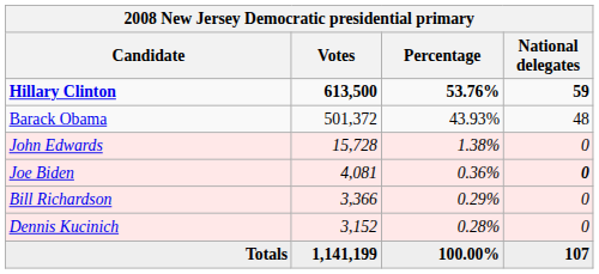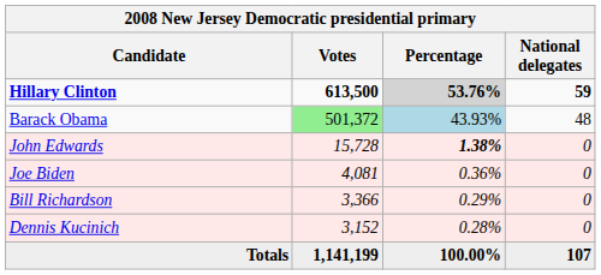 <table class="wikitable" style="font-size:95%; text-align:right;">
 <tr>
 <th colspan="4">2008 New Jersey Democratic presidential primary</th>
 </tr>
 <tr>
 <th style="width: 17em">Candidate</th>
 <th style="width: 5em">Votes</th>
 <th style="width: 7em">Percentage</th>
 <th style="width: 5em">National delegates</th>
 </tr>
 <tr>
 <td align="left"><strong><a href='#'>Hillary Clinton</a></strong></td>
 <td><strong>613,500</strong></td>
-<td><strong>53.76%</strong></td>
+<td style="background: lightgrey;"><strong>53.76%</strong></td>
 <td><strong>59</strong></td>
 </tr>
 <tr>
 <td align="left"><a href='#'>Barack Obama</a></td>
-<td>501,372</td>
-<td>43.93%</td>
+<td style="background: lightgreen;">501,372</td>
+<td style="background: lightblue;">43.93%</td>
 <td>48</td>
 </tr>
 <tr bgcolor=#FFE8E8>
 <td align="left"><em><a href='#'>John Edwards</a></em></td>
 <td><em>15,728</em></td>
-<td><em>1.38%</em></td>
+<td><strong><em>1.38%</em></strong></td>
 <td><em>0</em></td>
 </tr>
 <tr bgcolor=#FFE8E8>
 <td align="left"><em><a href='#'>Joe Biden</a></em></td>
 <td><em>4,081</em></td>
 <td><em>0.36%</em></td>
-<td><strong><em>0</em></strong></td>
+<td><em>0</em></td>
 </tr>
 <tr bgcolor=#FFE8E8>
 <td align="left"><em><a href='#'>Bill Richardson</a></em></td>
 <td><em>3,366</em></td>
 <td><em>0.29%</em></td>
 <td><em>0</em></td>
 </tr>
 <tr bgcolor=#FFE8E8>
 <td align="left"><em><a href='#'>Dennis Kucinich</a></em></td>
 <td><em>3,152</em></td>
 <td><em>0.28%</em></td>
 <td><em>0</em></td>
 </tr>
 <tr bgcolor="#EEEEEE" style="margin-right:0.5em">
 <td><strong>Totals</strong></td>
 <td><strong>1,141,199</strong></td>
 <td><strong>100.00%</strong></td>
 <td><strong>107</strong></td>
 </tr>
 </table>
